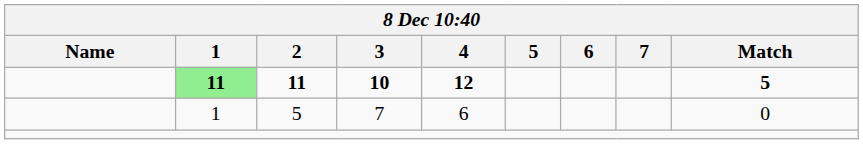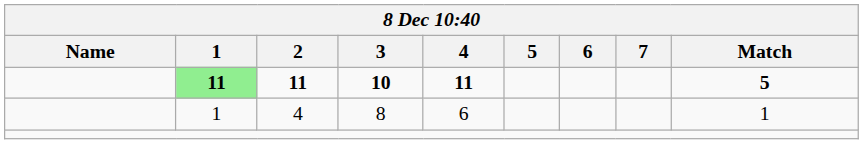 <table class=wikitable style="text-align:center; width: 55%">
 <tr>
 <th colspan=17><em>8 Dec 10:40</em></th>
 </tr>
 <tr>
 <th>Name</th>
 <th>1</th>
 <th>2</th>
 <th>3</th>
 <th>4</th>
 <th>5</th>
 <th>6</th>
 <th>7</th>
 <th>Match</th>
 </tr>
 <tr>
 <td style="text-align:left;"><strong></strong></td>
 <td style="background: lightgreen;"><strong>11</strong></td>
 <td><strong>11</strong></td>
 <td><strong>10</strong></td>
-<td><strong>12</strong></td>
+<td><strong>11</strong></td>
 <td></td>
 <td></td>
 <td></td>
 <td><strong>5</strong></td>
 </tr>
 <tr>
 <td style="text-align:left;"></td>
 <td>1</td>
-<td>5</td>
-<td>7</td>
+<td>4</td>
+<td>8</td>
 <td>6</td>
 <td></td>
 <td></td>
 <td></td>
-<td>0</td>
+<td>1</td>
 </tr>
 <tr>
 <td colspan=17></td>
 </tr>
 </table>
